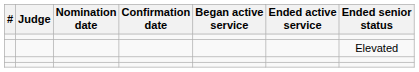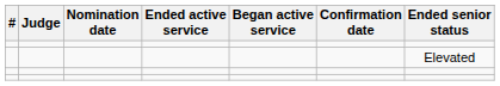 <table class="sortable wikitable">
 <tr bgcolor="#ececec">
 <th>#</th>
 <th>Judge</th>
 <th>Nomination<br>date</th>
+<th>Ended active<br>service</th>
+<th>Began active<br>service</th>
 <th>Confirmation<br>date</th>
-<th>Began active<br>service</th>
-<th>Ended active<br>service</th>
 <th>Ended senior<br>status</th>
 </tr>
 <tr>
 <td></td>
 <td></td>
 <td></td>
 <td></td>
 <td></td>
 <td></td>
 <td align="center"></td>
 </tr>
 <tr>
 <td></td>
 <td></td>
 <td></td>
 <td></td>
 <td></td>
 <td></td>
 <td align="center">Elevated</td>
 </tr>
 <tr>
 <td></td>
 <td></td>
 <td></td>
 <td></td>
 <td></td>
 <td></td>
 <td align="center"></td>
 </tr>
 <tr>
 <td></td>
 <td></td>
 <td></td>
 <td></td>
 <td></td>
 <td></td>
 <td align="center"></td>
 </tr>
 </table>
